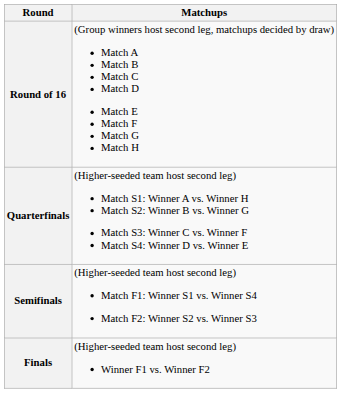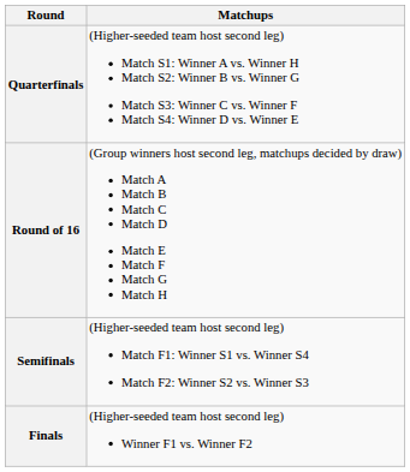 <table class=wikitable>
 <tr>
 <th>Round</th>
 <th>Matchups</th>
 </tr>
 <tr>
+<th>Quarterfinals</th>
+<td>(Higher-seeded team host second leg)<br> <ul><li>Match S1: Winner A vs. Winner H</li><li>Match S2: Winner B vs. Winner G</li></ul><ul><li>Match S3: Winner C vs. Winner F</li><li>Match S4: Winner D vs. Winner E</li></ul></td>
+</tr>
+<tr>
 <th>Round of 16</th>
 <td>(Group winners host second leg, matchups decided by draw)<br> <ul><li>Match A</li><li>Match B</li><li>Match C</li><li>Match D</li></ul><ul><li>Match E</li><li>Match F</li><li>Match G</li><li>Match H</li></ul></td>
-</tr>
-<tr>
-<th>Quarterfinals</th>
-<td>(Higher-seeded team host second leg)<br> <ul><li>Match S1: Winner A vs. Winner H</li><li>Match S2: Winner B vs. Winner G</li></ul><ul><li>Match S3: Winner C vs. Winner F</li><li>Match S4: Winner D vs. Winner E</li></ul></td>
 </tr>
 <tr>
 <th>Semifinals</th>
 <td>(Higher-seeded team host second leg)<br> <ul><li>Match F1: Winner S1 vs. Winner S4</li></ul><ul><li>Match F2: Winner S2 vs. Winner S3</li></ul></td>
 </tr>
 <tr>
 <th>Finals</th>
 <td>(Higher-seeded team host second leg)<br><ul><li>Winner F1 vs. Winner F2</li></ul></td>
 </tr>
 </table>
